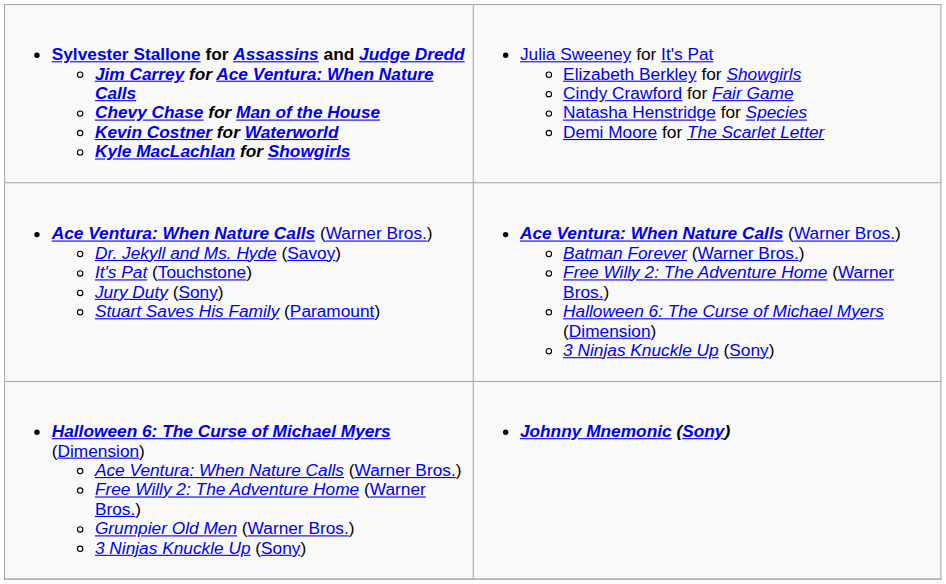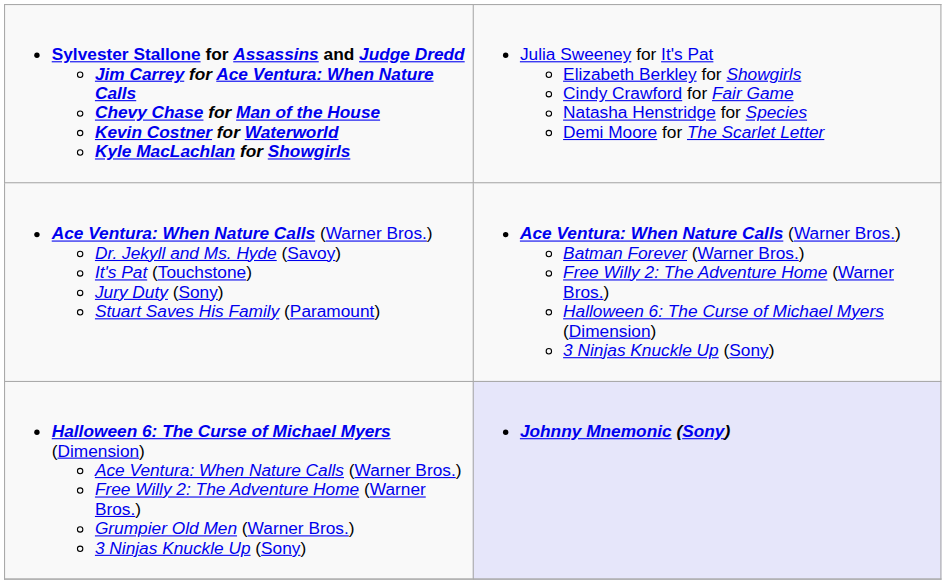 <table class=wikitable>
 <tr>
 <td valign="top" width="50%"><br><ul><li><strong><a href='#'>Sylvester Stallone</a> for <em><a href='#'>Assassins</a></em> and <em><a href='#'>Judge Dredd</a><strong><em><ul><li><a href='#'>Jim Carrey</a> for </em><a href='#'>Ace Ventura: When Nature Calls</a><em></li><li><a href='#'>Chevy Chase</a> for </em><a href='#'>Man of the House</a><em></li><li><a href='#'>Kevin Costner</a> for </em><a href='#'>Waterworld</a><em></li><li><a href='#'>Kyle MacLachlan</a> for </em><a href='#'>Showgirls</a><em></li></ul></li></ul></td>
 <td valign="top" width="50%"><br><ul><li></strong><a href='#'>Julia Sweeney</a> for </em><a href='#'>It's Pat</a></em></strong><ul><li><a href='#'>Elizabeth Berkley</a> for <em><a href='#'>Showgirls</a></em></li><li><a href='#'>Cindy Crawford</a> for <em><a href='#'>Fair Game</a></em></li><li><a href='#'>Natasha Henstridge</a> for <em><a href='#'>Species</a></em></li><li><a href='#'>Demi Moore</a> for <em><a href='#'>The Scarlet Letter</a></em></li></ul></li></ul></td>
 </tr>
 <tr>
 <td valign="top" width="50%"><br><ul><li><strong><em><a href='#'>Ace Ventura: When Nature Calls</a></em></strong> (<a href='#'>Warner Bros.</a>)<ul><li><em><a href='#'>Dr. Jekyll and Ms. Hyde</a></em> (<a href='#'>Savoy</a>)</li><li><em><a href='#'>It's Pat</a></em> (<a href='#'>Touchstone</a>)</li><li><em><a href='#'>Jury Duty</a></em> (<a href='#'>Sony</a>)</li><li><em><a href='#'>Stuart Saves His Family</a></em> (<a href='#'>Paramount</a>)</li></ul></li></ul></td>
 <td valign="top" width="50%"><br><ul><li><strong><em><a href='#'>Ace Ventura: When Nature Calls</a></em></strong> (<a href='#'>Warner Bros.</a>)<ul><li><em><a href='#'>Batman Forever</a></em> (<a href='#'>Warner Bros.</a>)</li><li><em><a href='#'>Free Willy 2: The Adventure Home</a></em> (<a href='#'>Warner Bros.</a>)</li><li><em><a href='#'>Halloween 6: The Curse of Michael Myers</a></em> (<a href='#'>Dimension</a>)</li><li><em><a href='#'>3 Ninjas Knuckle Up</a></em> (<a href='#'>Sony</a>)</li></ul></li></ul></td>
 </tr>
 <tr>
 <td valign="top" width="50%"><br><ul><li><strong><em><a href='#'>Halloween 6: The Curse of Michael Myers</a></em></strong> (<a href='#'>Dimension</a>)<ul><li><em><a href='#'>Ace Ventura: When Nature Calls</a></em> (<a href='#'>Warner Bros.</a>)</li><li><em><a href='#'>Free Willy 2: The Adventure Home</a></em> (<a href='#'>Warner Bros.</a>)</li><li><em><a href='#'>Grumpier Old Men</a></em> (<a href='#'>Warner Bros.</a>)</li><li><em><a href='#'>3 Ninjas Knuckle Up</a></em> (<a href='#'>Sony</a>)</li></ul></li></ul></td>
-<td valign="top" width="50%"><br><ul><li><strong><em><a href='#'>Johnny Mnemonic</a><em> (<a href='#'>Sony</a>)<strong></li></ul></td>
+<td valign="top" width="50%" style="background: lavender;"><br><ul><li><strong><em><a href='#'>Johnny Mnemonic</a><em> (<a href='#'>Sony</a>)<strong></li></ul></td>
 </tr>
 <tr>
 </tr>
 </table>
